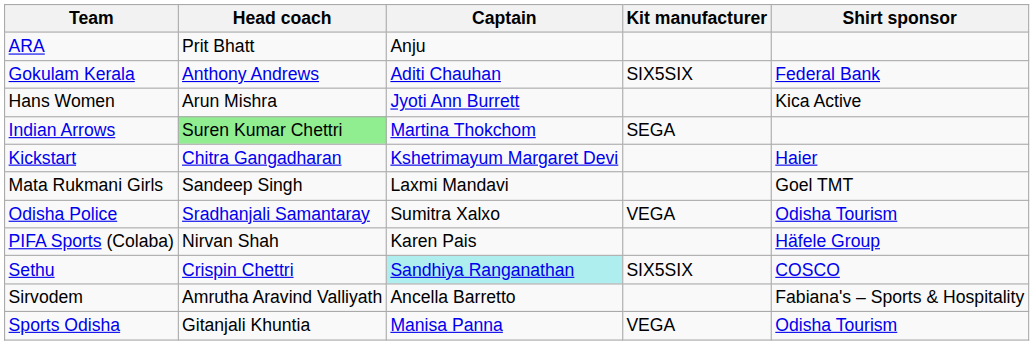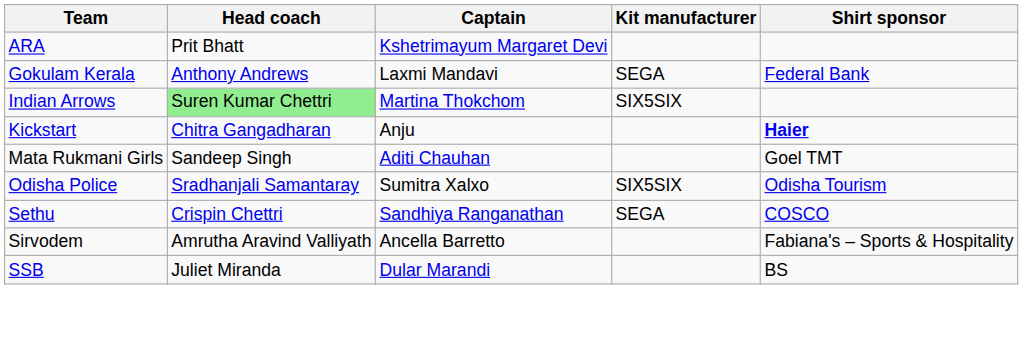 <table class="wikitable sortable" style="text-align: left">
 <tr>
 <th scope=col>Team</th>
 <th scope=col>Head coach</th>
 <th scope=col>Captain</th>
 <th scope=col>Kit manufacturer</th>
 <th scope=col>Shirt sponsor</th>
 </tr>
 <tr>
 <td><a href='#'>ARA</a></td>
 <td> Prit Bhatt</td>
-<td> Anju</td>
+<td> <a href='#'>Kshetrimayum Margaret Devi</a></td>
 <td></td>
 <td></td>
 </tr>
 <tr>
 <td><a href='#'>Gokulam Kerala</a></td>
 <td> <a href='#'>Anthony Andrews</a></td>
-<td> <a href='#'>Aditi Chauhan</a></td>
-<td> SIX5SIX</td>
+<td> Laxmi Mandavi</td>
+<td> SEGA</td>
 <td><a href='#'>Federal Bank</a></td>
-</tr>
-<tr>
-<td>Hans Women</td>
-<td> Arun Mishra</td>
-<td> <a href='#'>Jyoti Ann Burrett</a></td>
-<td></td>
-<td>Kica Active</td>
 </tr>
 <tr>
 <td><a href='#'>Indian Arrows</a></td>
 <td style="background: lightgreen;"> Suren Kumar Chettri</td>
 <td> <a href='#'>Martina Thokchom</a></td>
-<td> SEGA</td>
+<td> SIX5SIX</td>
 <td></td>
 </tr>
 <tr>
 <td><a href='#'>Kickstart</a></td>
 <td> <a href='#'>Chitra Gangadharan</a></td>
-<td> <a href='#'>Kshetrimayum Margaret Devi</a></td>
+<td> Anju</td>
 <td></td>
-<td><a href='#'>Haier</a></td>
+<td><strong><a href='#'>Haier</a></strong></td>
 </tr>
 <tr>
 <td>Mata Rukmani Girls</td>
 <td> Sandeep Singh</td>
-<td> Laxmi Mandavi</td>
+<td> <a href='#'>Aditi Chauhan</a></td>
 <td></td>
 <td>Goel TMT</td>
 </tr>
 <tr>
 <td><a href='#'>Odisha Police</a></td>
 <td> <a href='#'>Sradhanjali Samantaray</a></td>
 <td> Sumitra Xalxo</td>
-<td> VEGA</td>
+<td> SIX5SIX</td>
 <td><a href='#'>Odisha Tourism</a></td>
-</tr>
-<tr>
-<td><a href='#'>PIFA Sports</a> (Colaba)</td>
-<td> Nirvan Shah</td>
-<td> Karen Pais</td>
-<td></td>
-<td><a href='#'>Häfele Group</a></td>
 </tr>
 <tr>
 <td><a href='#'>Sethu</a></td>
 <td> <a href='#'>Crispin Chettri</a></td>
-<td style="background: paleturquoise;"> <a href='#'>Sandhiya Ranganathan</a></td>
-<td> SIX5SIX</td>
+<td> <a href='#'>Sandhiya Ranganathan</a></td>
+<td> SEGA</td>
 <td><a href='#'>COSCO</a></td>
 </tr>
 <tr>
 <td>Sirvodem</td>
 <td> Amrutha Aravind Valliyath</td>
 <td> Ancella Barretto</td>
 <td></td>
 <td>Fabiana's – Sports & Hospitality</td>
 </tr>
 <tr>
-<td><a href='#'>Sports Odisha</a></td>
-<td> Gitanjali Khuntia</td>
-<td> <a href='#'>Manisa Panna</a></td>
-<td> VEGA</td>
-<td><a href='#'>Odisha Tourism</a></td>
+<td><a href='#'>SSB</a></td>
+<td> Juliet Miranda</td>
+<td> <a href='#'>Dular Marandi</a></td>
+<td></td>
+<td>BS</td>
 </tr>
 </table>
